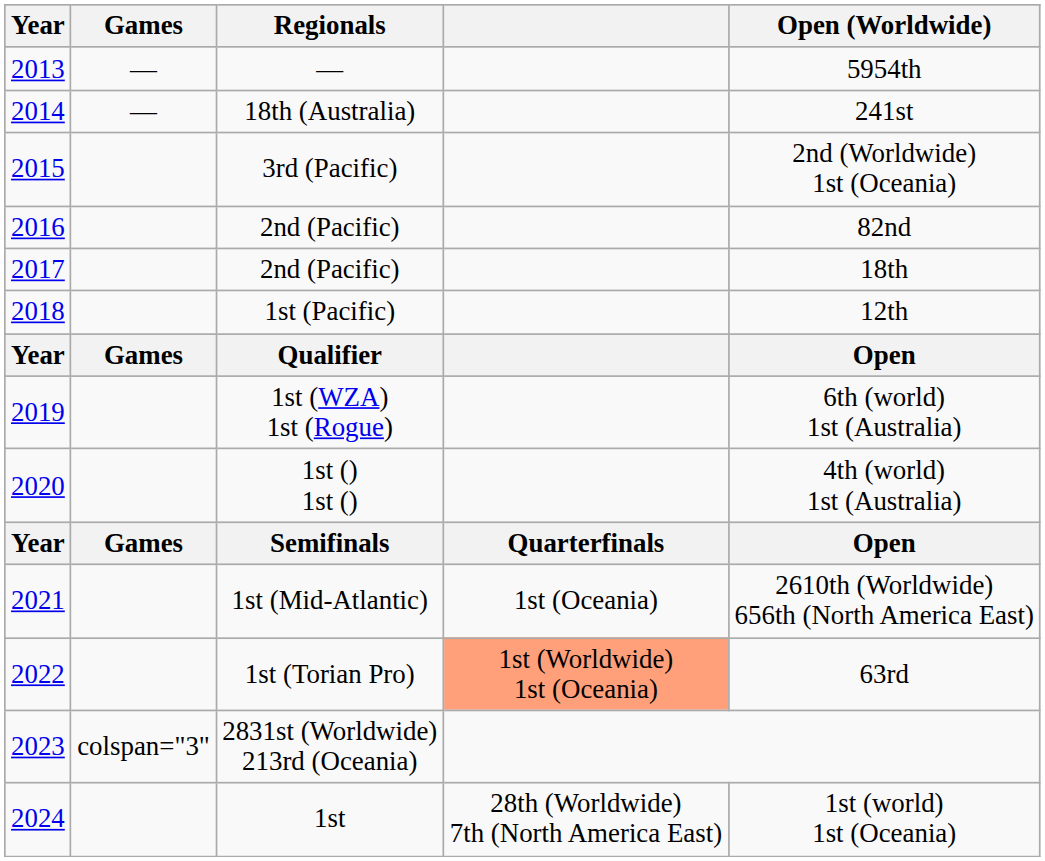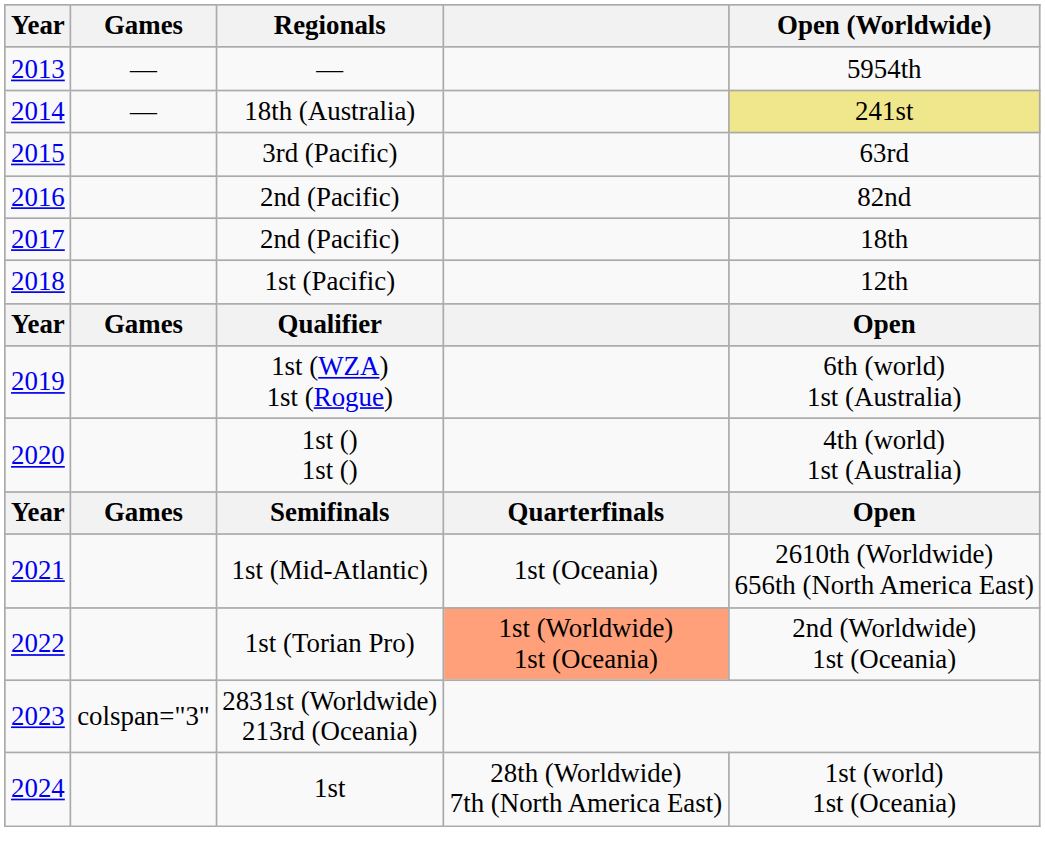 <table class="wikitable" style="text-align:center">
 <tr>
 <th>Year</th>
 <th>Games</th>
 <th>Regionals</th>
 <th></th>
 <th>Open (Worldwide)</th>
 </tr>
 <tr>
 <td><a href='#'>2013</a></td>
 <td>—</td>
 <td>—</td>
 <td></td>
 <td>5954th</td>
 </tr>
 <tr>
 <td><a href='#'>2014</a></td>
 <td>—</td>
 <td>18th (Australia)</td>
 <td></td>
-<td>241st</td>
+<td style="background: khaki;">241st</td>
 </tr>
 <tr>
 <td><a href='#'>2015</a></td>
 <td></td>
 <td>3rd (Pacific)</td>
 <td></td>
-<td>2nd (Worldwide)<br>1st (Oceania)</td>
+<td>63rd</td>
 </tr>
 <tr>
 <td><a href='#'>2016</a></td>
 <td></td>
 <td>2nd (Pacific)</td>
 <td></td>
 <td>82nd</td>
 </tr>
 <tr>
 <td><a href='#'>2017</a></td>
 <td></td>
 <td>2nd (Pacific)</td>
 <td></td>
 <td>18th</td>
 </tr>
 <tr>
 <td><a href='#'>2018</a></td>
 <td></td>
 <td>1st (Pacific)</td>
 <td></td>
 <td>12th</td>
 </tr>
 <tr>
 <th>Year</th>
 <th>Games</th>
 <th>Qualifier</th>
 <th></th>
 <th>Open</th>
 </tr>
 <tr>
 <td><a href='#'>2019</a></td>
 <td></td>
 <td>1st (<a href='#'>WZA</a>)<br>1st (<a href='#'>Rogue</a>)</td>
 <td></td>
 <td>6th (world)<br>1st (Australia)</td>
 </tr>
 <tr>
 <td><a href='#'>2020</a></td>
 <td></td>
 <td>1st ()<br>1st ()</td>
 <td></td>
 <td>4th (world)<br>1st (Australia)</td>
 </tr>
 <tr>
 <th>Year</th>
 <th>Games</th>
 <th>Semifinals</th>
 <th>Quarterfinals</th>
 <th>Open</th>
 </tr>
 <tr>
 <td><a href='#'>2021</a></td>
 <td></td>
 <td>1st (Mid-Atlantic)</td>
 <td>1st (Oceania)</td>
 <td>2610th (Worldwide)<br>656th (North America East)</td>
 </tr>
 <tr>
 <td><a href='#'>2022</a></td>
 <td></td>
 <td>1st (Torian Pro)</td>
 <td style="background: lightsalmon;">1st (Worldwide)<br>1st (Oceania)</td>
-<td>63rd</td>
+<td>2nd (Worldwide)<br>1st (Oceania)</td>
 </tr>
 <tr>
 <td><a href='#'>2023</a></td>
 <td>colspan="3" </td>
 <td>2831st (Worldwide)<br>213rd (Oceania)</td>
 </tr>
 <tr>
 <td><a href='#'>2024</a></td>
 <td></td>
 <td>1st</td>
 <td>28th (Worldwide)<br>7th (North America East)</td>
 <td>1st (world)<br>1st (Oceania)</td>
 </tr>
 </table>
